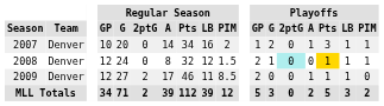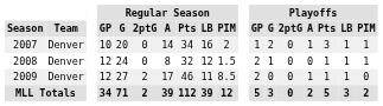 <table BORDER="0" CELLPADDING="3" CELLSPACING="0">
 <tr ALIGN="center" bgcolor="#e0e0e0">
 <th colspan="2" bgcolor="#ffffff"> </th>
 <th rowspan="99" bgcolor="#ffffff"> </th>
 <th colspan="7">Regular Season</th>
 <th rowspan="99" bgcolor="#ffffff"> </th>
 <th colspan="7">Playoffs</th>
 </tr>
 <tr ALIGN="center" bgcolor="#e0e0e0">
 <th>Season</th>
 <th>Team</th>
 <th>GP</th>
 <th>G</th>
 <th>2ptG</th>
 <th>A</th>
 <th>Pts</th>
 <th>LB</th>
 <th>PIM</th>
 <th>GP</th>
 <th>G</th>
 <th>2ptG</th>
 <th>A</th>
 <th>Pts</th>
 <th>LB</th>
 <th>PIM</th>
 </tr>
 <tr ALIGN="center" bgcolor="#f0f0f0">
 <td>2007</td>
 <td>Denver</td>
 <td>10</td>
 <td>20</td>
 <td>0</td>
 <td>14</td>
 <td>34</td>
 <td>16</td>
 <td>2</td>
 <td>1</td>
 <td>2</td>
 <td>0</td>
 <td>1</td>
 <td>3</td>
 <td>1</td>
 <td>1</td>
 </tr>
 <tr ALIGN="center">
 <td>2008</td>
 <td>Denver</td>
 <td>12</td>
 <td>24</td>
 <td>0</td>
 <td>8</td>
 <td>32</td>
 <td>12</td>
 <td>1.5</td>
 <td>2</td>
 <td>1</td>
-<td style="background: paleturquoise;">0</td>
 <td>0</td>
-<td style="background: gold;">1</td>
+<td>0</td>
+<td>1</td>
 <td>1</td>
 <td>1</td>
 </tr>
 <tr ALIGN="center" bgcolor="#f0f0f0">
 <td>2009</td>
 <td>Denver</td>
 <td>12</td>
 <td>27</td>
 <td>2</td>
 <td>17</td>
 <td>46</td>
 <td>11</td>
 <td>8.5</td>
 <td>2</td>
 <td>0</td>
 <td>0</td>
 <td>1</td>
 <td>1</td>
 <td>1</td>
 <td>0</td>
 </tr>
 <tr ALIGN="center" bgcolor="#e0e0e0">
 <th colspan="2">MLL Totals</th>
 <th>34</th>
 <th>71</th>
 <th>2</th>
 <th>39</th>
 <th>112</th>
 <th>39</th>
 <th>12</th>
 <th>5</th>
 <th>3</th>
 <th>0</th>
 <th>2</th>
 <th>5</th>
 <th>3</th>
 <th>2</th>
 </tr>
 </table>
